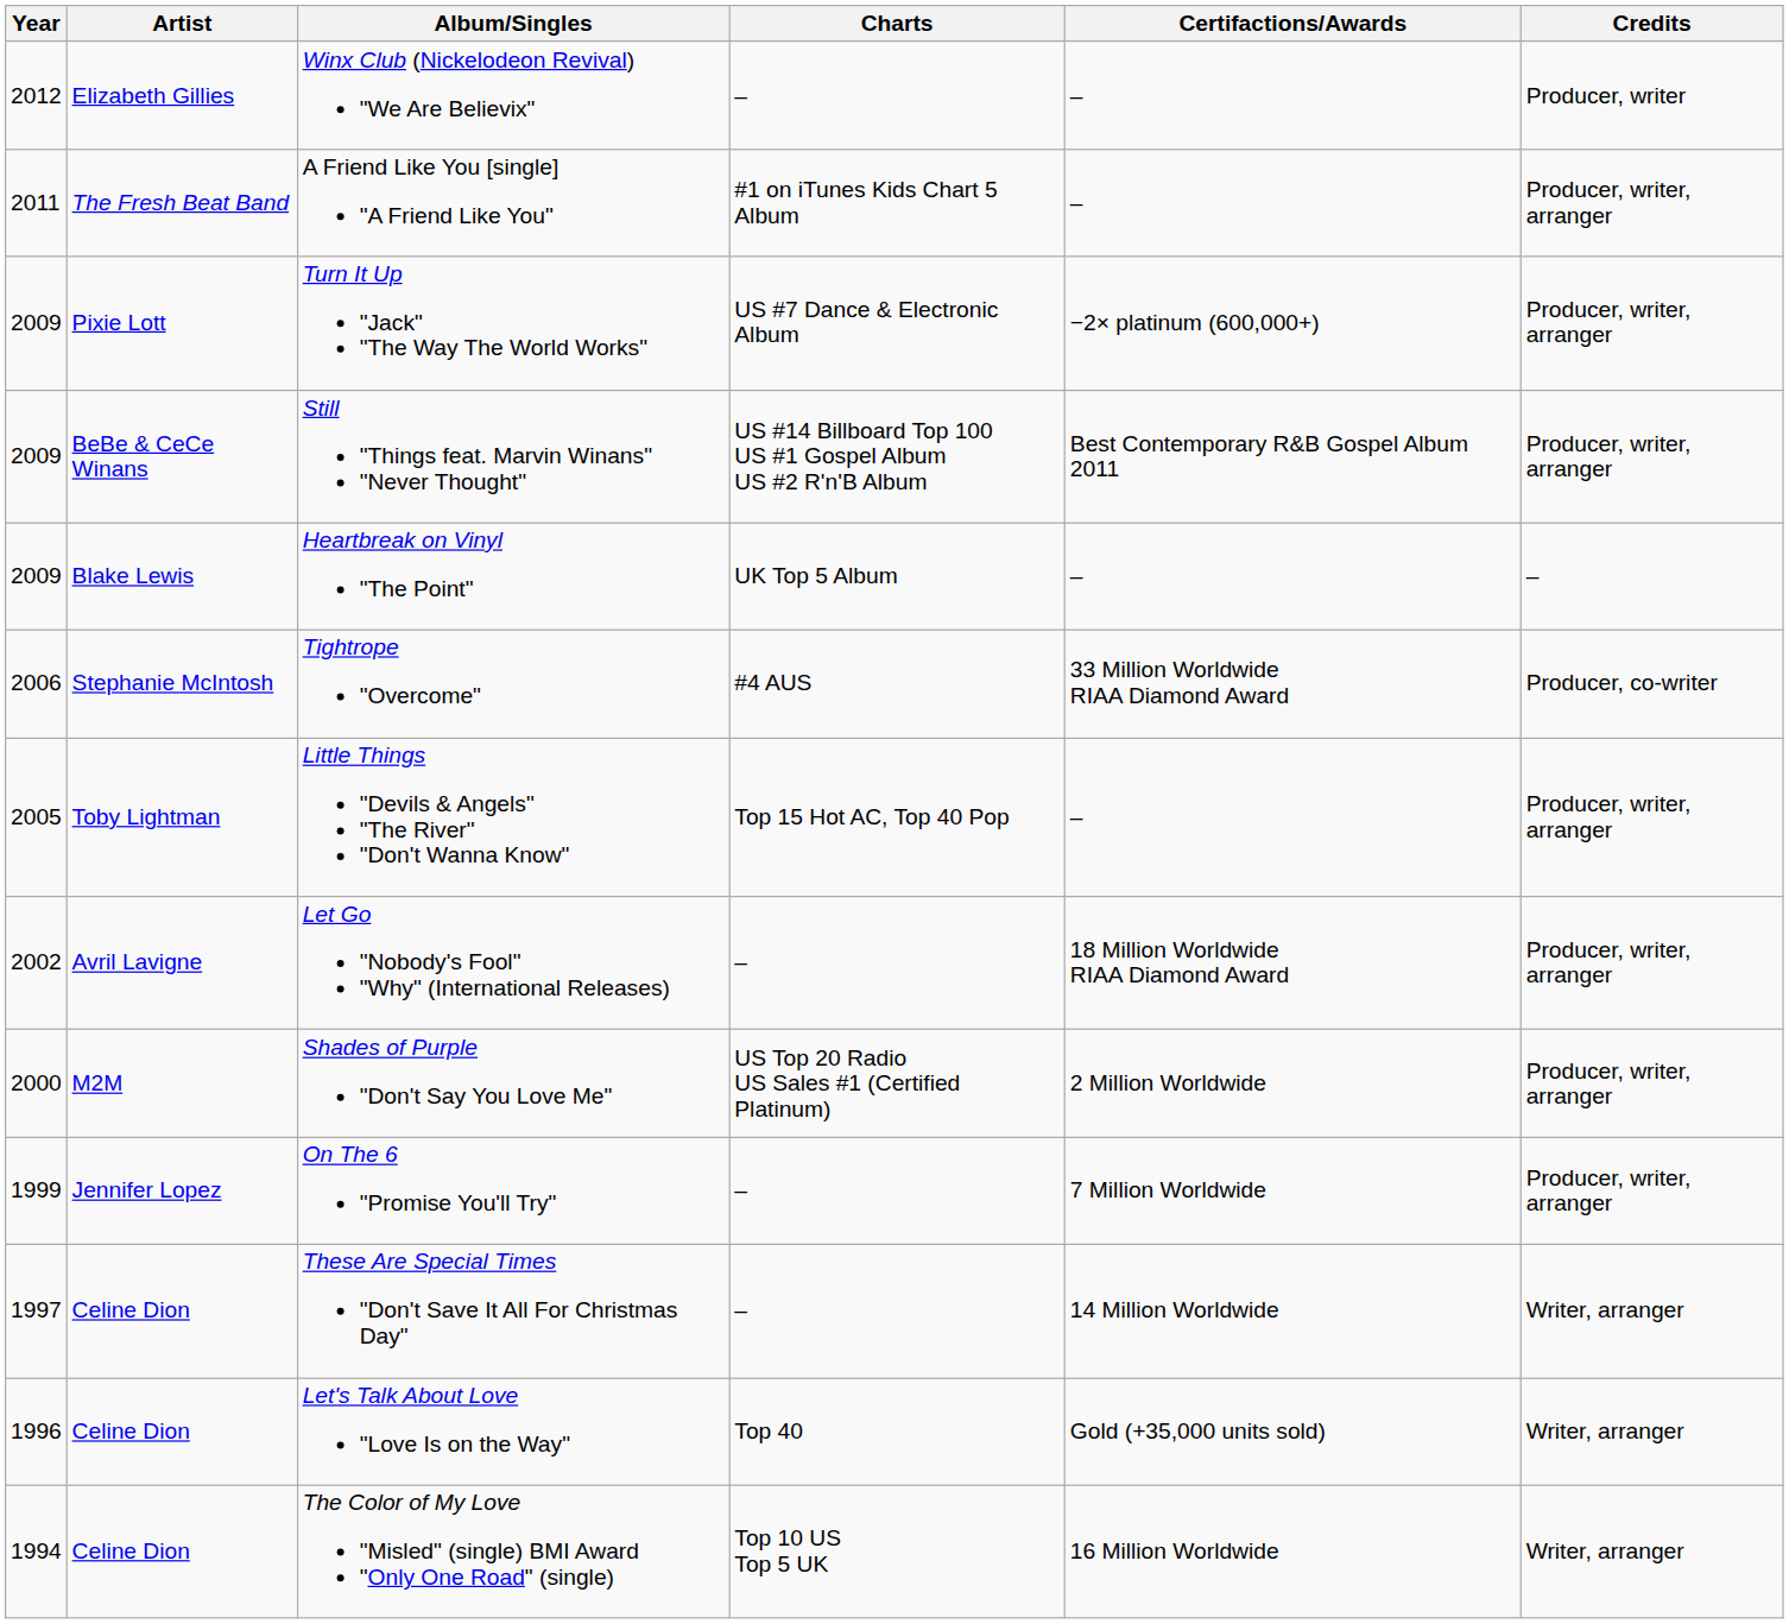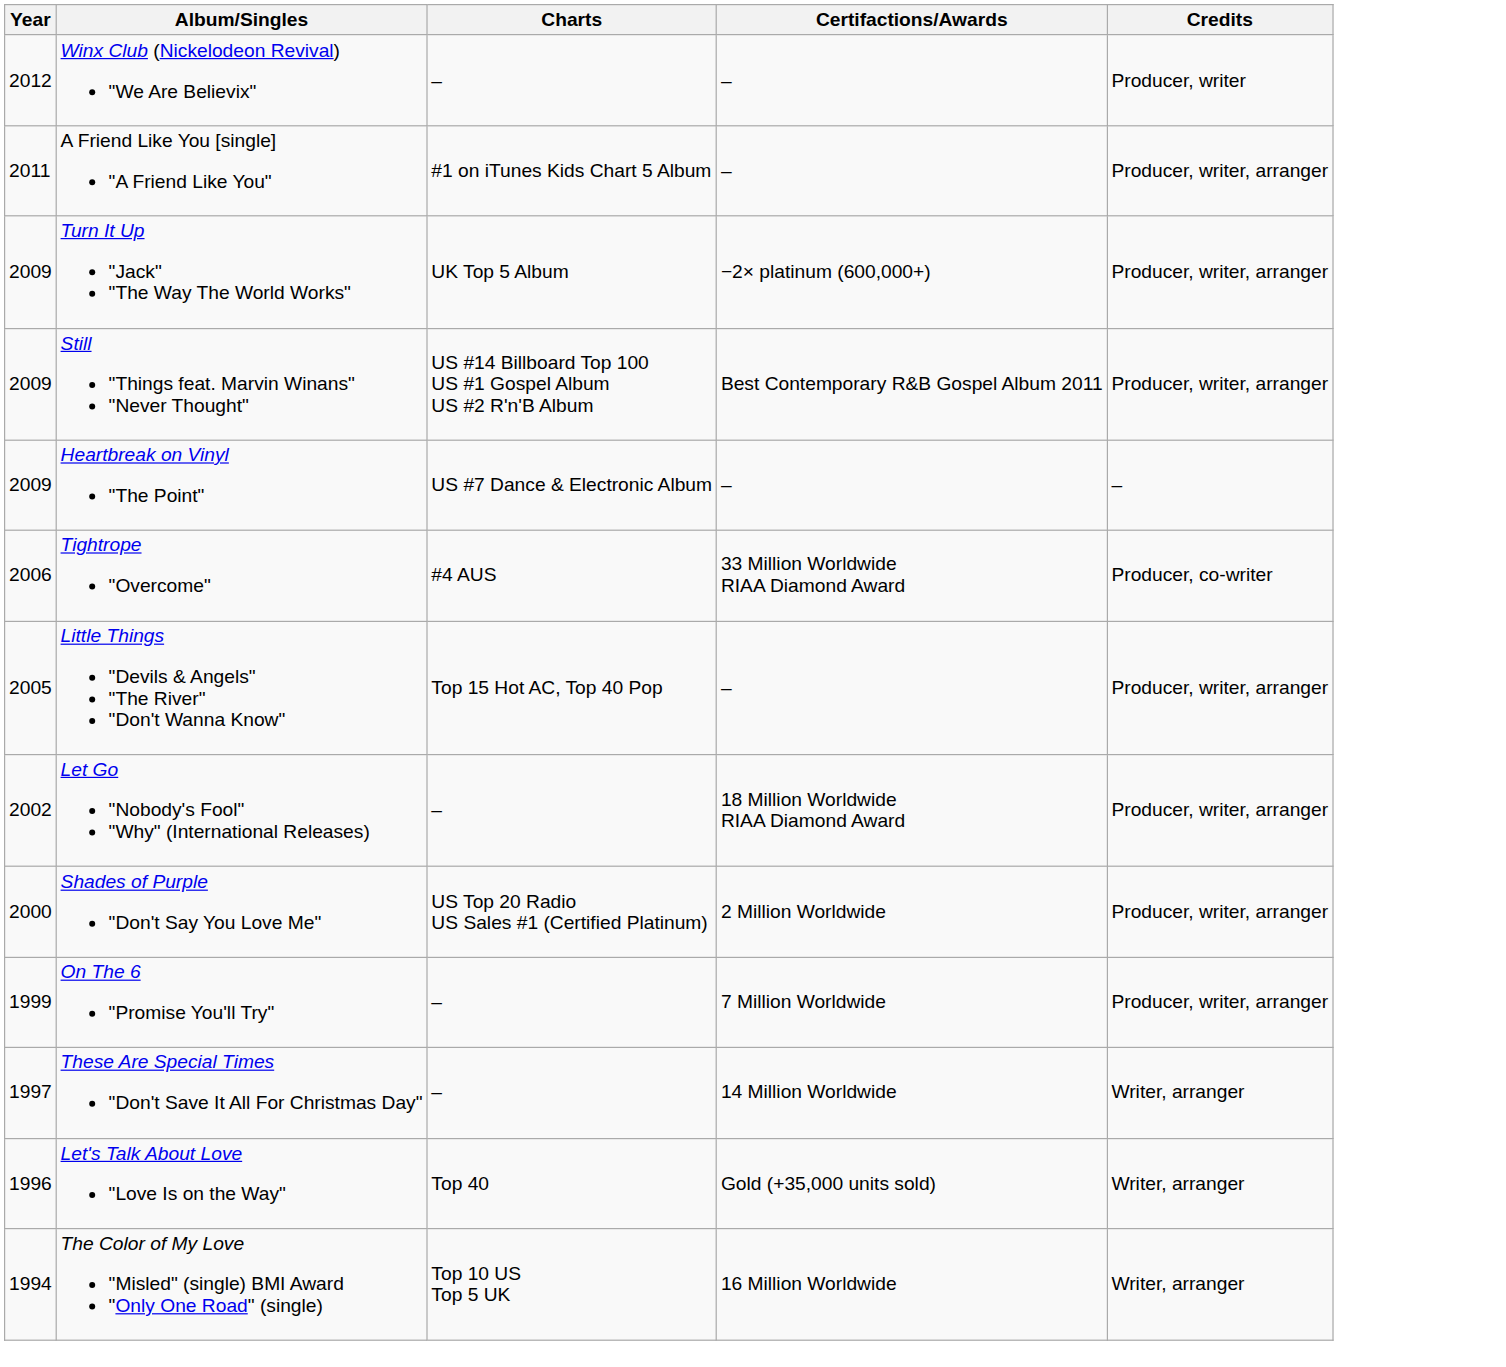 <table class="wikitable">
 <tr>
 <th>Year</th>
-<th>Artist</th>
 <th>Album/Singles</th>
 <th>Charts</th>
 <th>Certifactions/Awards</th>
 <th>Credits</th>
 </tr>
 <tr>
 <td>2012</td>
-<td><a href='#'>Elizabeth Gillies</a></td>
 <td><em><a href='#'>Winx Club</a></em> (<a href='#'>Nickelodeon Revival</a>)<br><ul><li>"We Are Believix"</li></ul></td>
 <td>–</td>
 <td>–</td>
 <td>Producer, writer</td>
 </tr>
 <tr>
 <td>2011</td>
-<td><em><a href='#'>The Fresh Beat Band</a></em></td>
 <td>A Friend Like You [single]<br><ul><li>"A Friend Like You"</li></ul></td>
 <td>#1 on iTunes Kids Chart 5 Album</td>
 <td>–</td>
 <td>Producer, writer, arranger</td>
 </tr>
 <tr>
 <td>2009</td>
-<td><a href='#'>Pixie Lott</a></td>
 <td><a href='#'><em>Turn It Up</em></a><br><ul><li>"Jack"</li><li>"The Way The World Works"</li></ul></td>
-<td>US #7 Dance & Electronic Album</td>
+<td>UK Top 5 Album</td>
 <td>−2× platinum (600,000+)</td>
 <td>Producer, writer, arranger</td>
 </tr>
 <tr>
 <td>2009</td>
-<td><a href='#'>BeBe & CeCe Winans</a></td>
 <td><a href='#'><em>Still</em></a><br><ul><li>"Things feat. Marvin Winans"</li><li>"Never Thought"</li></ul></td>
 <td>US #14 Billboard Top 100<br>US #1 Gospel Album<br> US #2 R'n'B Album</td>
 <td>Best Contemporary R&B Gospel Album 2011</td>
 <td>Producer, writer, arranger</td>
 </tr>
 <tr>
 <td>2009</td>
-<td><a href='#'>Blake Lewis</a></td>
 <td><em><a href='#'>Heartbreak on Vinyl</a></em><br><ul><li>"The Point"</li></ul></td>
-<td>UK Top 5 Album</td>
+<td>US #7 Dance & Electronic Album</td>
 <td>–</td>
 <td>–</td>
 </tr>
 <tr>
 <td>2006</td>
-<td><a href='#'>Stephanie McIntosh</a></td>
 <td><a href='#'><em>Tightrope</em></a><br><ul><li>"Overcome"</li></ul></td>
 <td>#4 AUS</td>
 <td>33 Million Worldwide<br>RIAA Diamond Award</td>
 <td>Producer, co-writer</td>
 </tr>
 <tr>
 <td>2005</td>
-<td><a href='#'>Toby Lightman</a></td>
 <td><a href='#'><em>Little Things</em></a><br><ul><li>"Devils & Angels"</li><li>"The River"</li><li>"Don't Wanna Know"</li></ul></td>
 <td>Top 15 Hot AC, Top 40 Pop</td>
 <td>–</td>
 <td>Producer, writer, arranger</td>
 </tr>
 <tr>
 <td>2002</td>
-<td><a href='#'>Avril Lavigne</a></td>
 <td><a href='#'><em>Let Go</em></a><br><ul><li>"Nobody's Fool"</li><li>"Why" (International Releases)</li></ul></td>
 <td>–</td>
 <td>18 Million Worldwide<br>RIAA Diamond Award</td>
 <td>Producer, writer, arranger</td>
 </tr>
 <tr>
 <td>2000</td>
-<td><a href='#'>M2M</a></td>
 <td><em><a href='#'>Shades of Purple</a></em><br><ul><li>"Don't Say You Love Me"</li></ul></td>
 <td>US Top 20 Radio<br>US Sales #1 (Certified Platinum)</td>
 <td>2 Million Worldwide</td>
 <td>Producer, writer, arranger</td>
 </tr>
 <tr>
 <td>1999</td>
-<td><a href='#'>Jennifer Lopez</a></td>
 <td><em><a href='#'>On The 6</a></em><br><ul><li>"Promise You'll Try"</li></ul></td>
 <td>–</td>
 <td>7 Million Worldwide</td>
 <td>Producer, writer, arranger</td>
 </tr>
 <tr>
 <td>1997</td>
-<td><a href='#'>Celine Dion</a></td>
 <td><em><a href='#'>These Are Special Times</a></em><br><ul><li>"Don't Save It All For Christmas Day"</li></ul></td>
 <td>–</td>
 <td>14 Million Worldwide</td>
 <td>Writer, arranger</td>
 </tr>
 <tr>
 <td>1996</td>
-<td><a href='#'>Celine Dion</a></td>
 <td><em><a href='#'>Let's Talk About Love</a></em><br><ul><li>"Love Is on the Way"</li></ul></td>
 <td>Top 40</td>
 <td>Gold (+35,000 units sold)</td>
 <td>Writer, arranger</td>
 </tr>
 <tr>
 <td>1994</td>
-<td><a href='#'>Celine Dion</a></td>
 <td><em>The Color of My Love</em><br><ul><li>"Misled" (single) BMI Award</li><li>"<a href='#'>Only One Road</a>" (single)</li></ul></td>
 <td>Top 10 US<br>Top 5 UK</td>
 <td>16 Million Worldwide</td>
 <td>Writer, arranger</td>
 </tr>
 </table>
